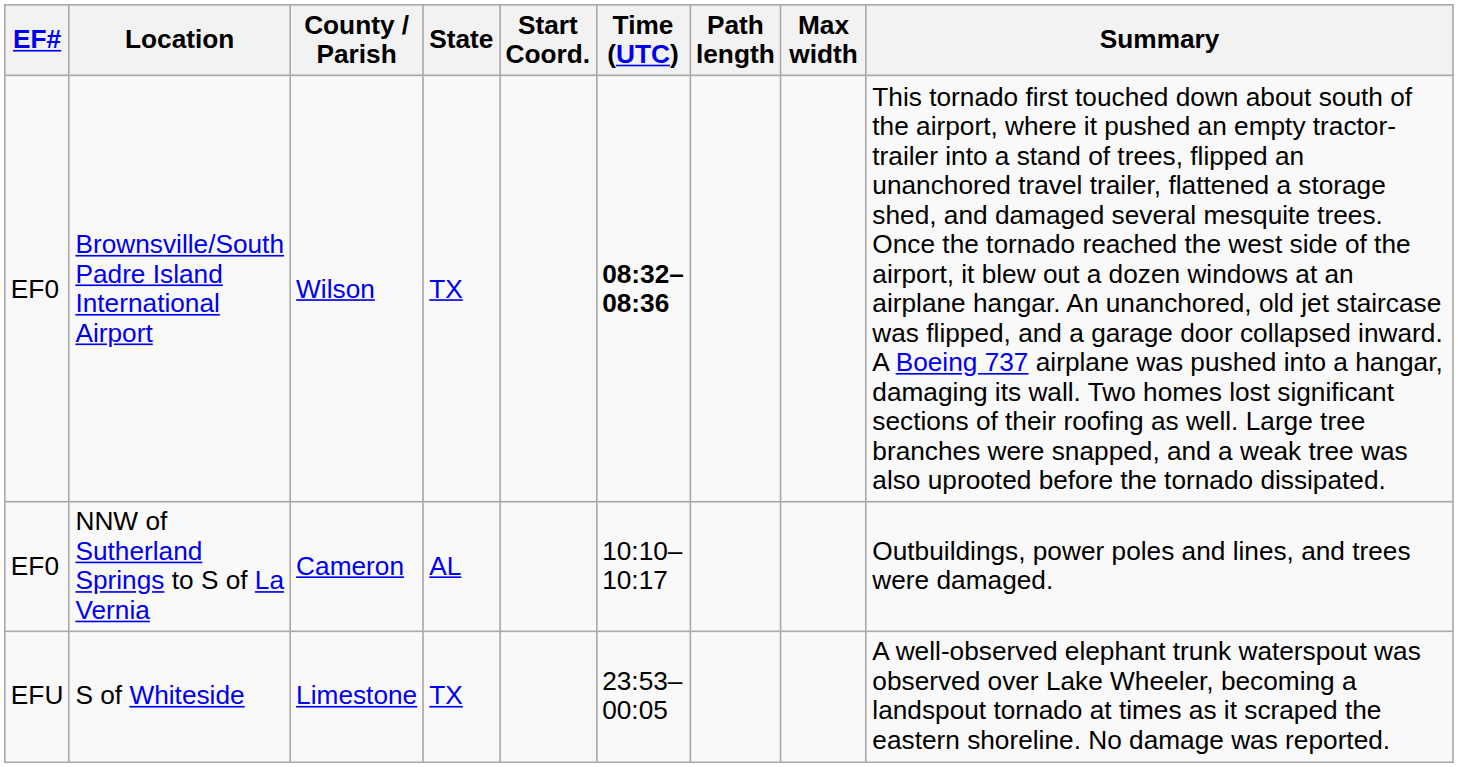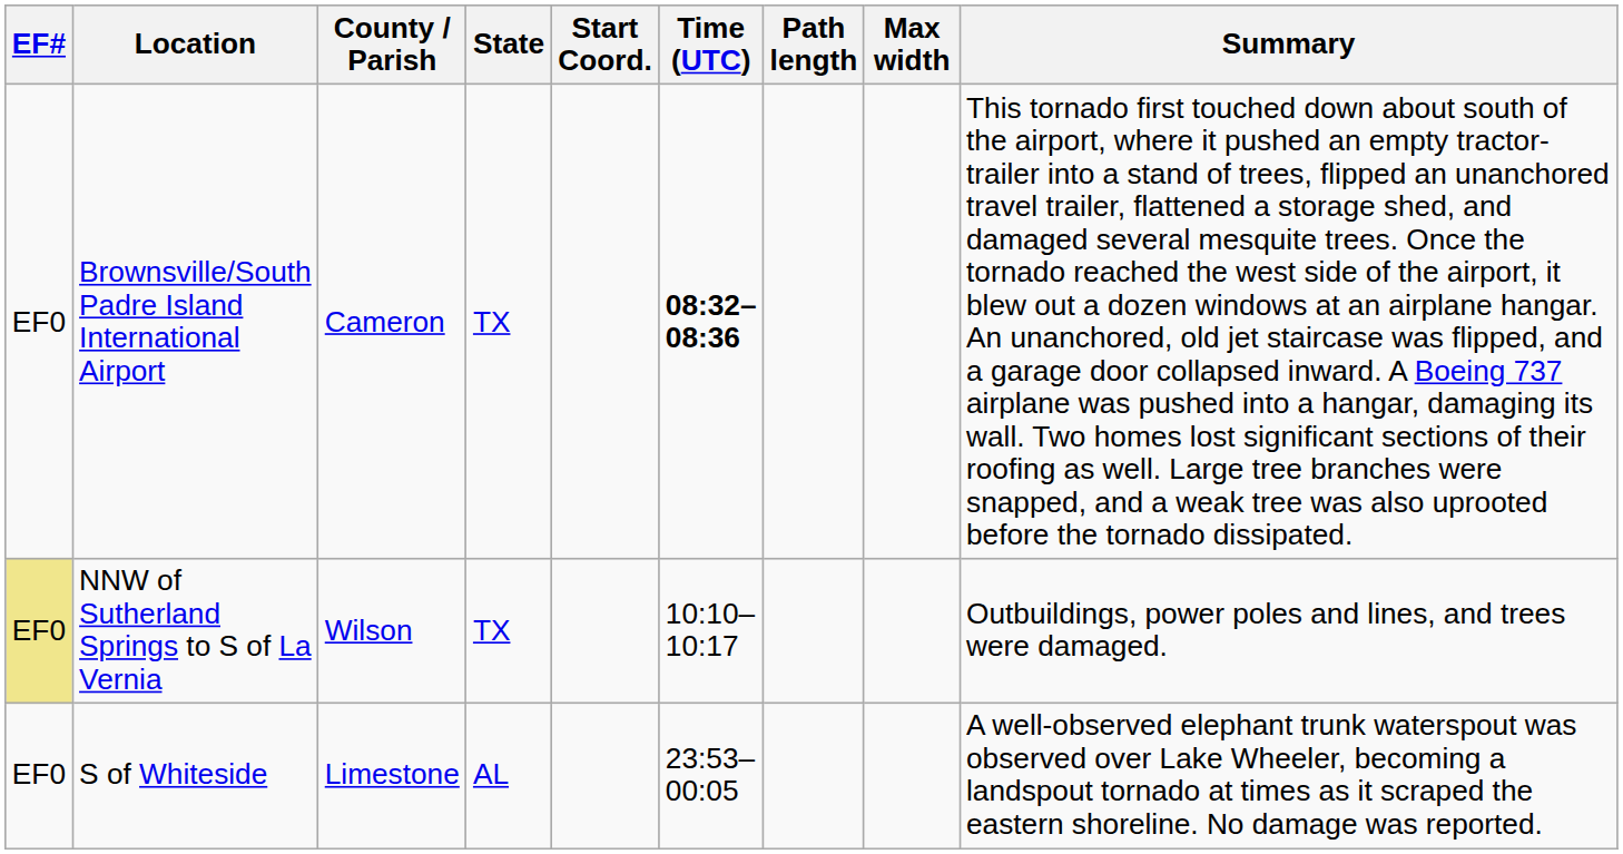 <table class="wikitable sortable" style="width:100%;">
 <tr>
 <th scope="col"  style="width:3%; text-align:center;"><a href='#'>EF#</a></th>
 <th scope="col"  style="width:7%; text-align:center;" class="unsortable">Location</th>
 <th scope="col"  style="width:6%; text-align:center;" class="unsortable">County / Parish</th>
 <th scope="col"  style="width:5%; text-align:center;">State</th>
 <th scope="col"  style="width:6%; text-align:center;">Start Coord.</th>
 <th scope="col"  style="width:6%; text-align:center;">Time (<a href='#'>UTC</a>)</th>
 <th scope="col"  style="width:6%; text-align:center;">Path length</th>
 <th scope="col"  style="width:6%; text-align:center;">Max width</th>
 <th scope="col" class="unsortable" style="width:48%; text-align:center;">Summary</th>
 </tr>
 <tr>
 <td>EF0</td>
 <td><a href='#'>Brownsville/South Padre Island International Airport</a></td>
-<td><a href='#'>Wilson</a></td>
+<td><a href='#'>Cameron</a></td>
 <td><a href='#'>TX</a></td>
 <td></td>
 <td><strong>08:32–08:36</strong></td>
 <td></td>
 <td></td>
 <td>This tornado first touched down about  south of the airport, where it pushed an empty tractor-trailer into a stand of trees, flipped an unanchored travel trailer, flattened a storage shed, and damaged several mesquite trees. Once the tornado reached the west side of the airport, it blew out a dozen windows at an airplane hangar. An unanchored, old jet staircase was flipped, and a garage door collapsed inward. A <a href='#'>Boeing 737</a> airplane was pushed into a hangar, damaging its wall. Two homes lost significant sections of their roofing as well. Large tree branches were snapped, and a weak tree was also uprooted before the tornado dissipated.</td>
 </tr>
 <tr>
-<td>EF0</td>
+<td style="background: khaki;">EF0</td>
 <td>NNW of <a href='#'>Sutherland Springs</a> to S of <a href='#'>La Vernia</a></td>
-<td><a href='#'>Cameron</a></td>
-<td><a href='#'>AL</a></td>
+<td><a href='#'>Wilson</a></td>
+<td><a href='#'>TX</a></td>
 <td></td>
 <td>10:10–10:17</td>
 <td></td>
 <td></td>
 <td>Outbuildings, power poles and lines, and trees were damaged.</td>
 </tr>
 <tr>
-<td>EFU</td>
+<td>EF0</td>
 <td>S of <a href='#'>Whiteside</a></td>
 <td><a href='#'>Limestone</a></td>
-<td><a href='#'>TX</a></td>
+<td><a href='#'>AL</a></td>
 <td></td>
 <td>23:53–00:05</td>
 <td></td>
 <td></td>
 <td>A well-observed elephant trunk waterspout was observed over Lake Wheeler, becoming a landspout tornado at times as it scraped the eastern shoreline. No damage was reported.</td>
 </tr>
 <tr>
 </tr>
 </table>
